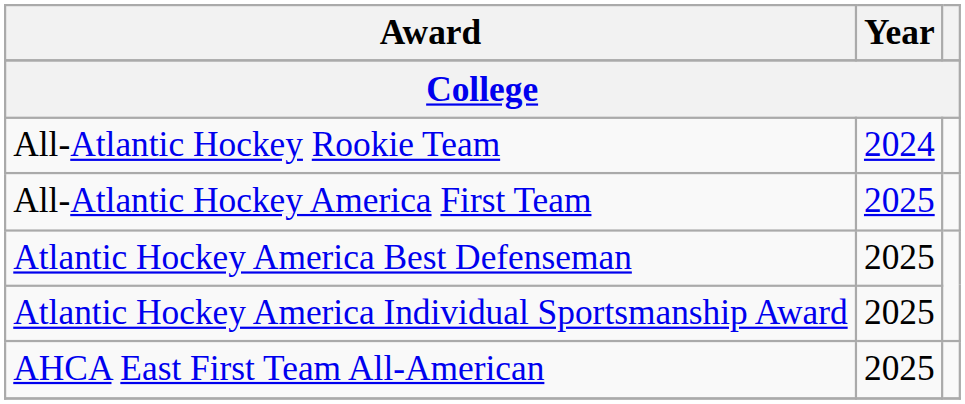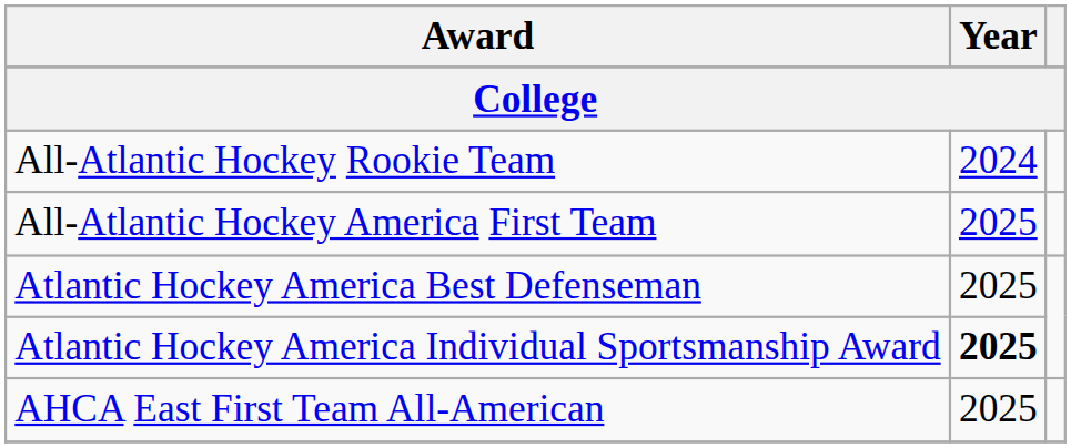 <table class="wikitable">
 <tr>
 <th>Award</th>
 <th>Year</th>
 <th></th>
 </tr>
 <tr ALIGN="center" bgcolor="#e0e0e0">
 </tr>
 <tr ALIGN="center" bgcolor="#e0e0e0">
 <th colspan="3"><a href='#'>College</a></th>
 </tr>
 <tr>
 <td>All-<a href='#'>Atlantic Hockey</a> <a href='#'>Rookie Team</a></td>
 <td><a href='#'>2024</a></td>
 <td></td>
 </tr>
 <tr>
 <td>All-<a href='#'>Atlantic Hockey America</a> <a href='#'>First Team</a></td>
 <td><a href='#'>2025</a></td>
 <td></td>
 </tr>
 <tr>
 <td><a href='#'>Atlantic Hockey America Best Defenseman</a></td>
 <td>2025</td>
 <td rowspan="2"></td>
 </tr>
 <tr>
 <td><a href='#'>Atlantic Hockey America Individual Sportsmanship Award</a></td>
-<td>2025</td>
+<td><strong>2025</strong></td>
 </tr>
 <tr>
 <td><a href='#'>AHCA</a> <a href='#'>East First Team All-American</a></td>
 <td>2025</td>
 <td></td>
 </tr>
 <tr>
 </tr>
 </table>
